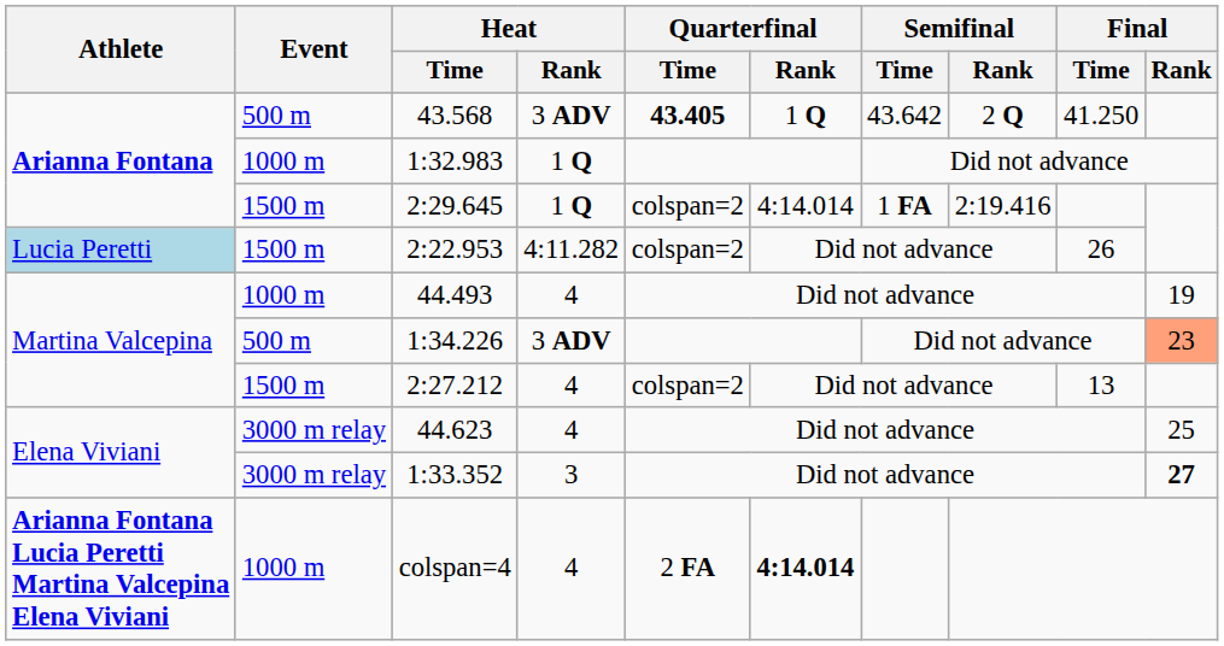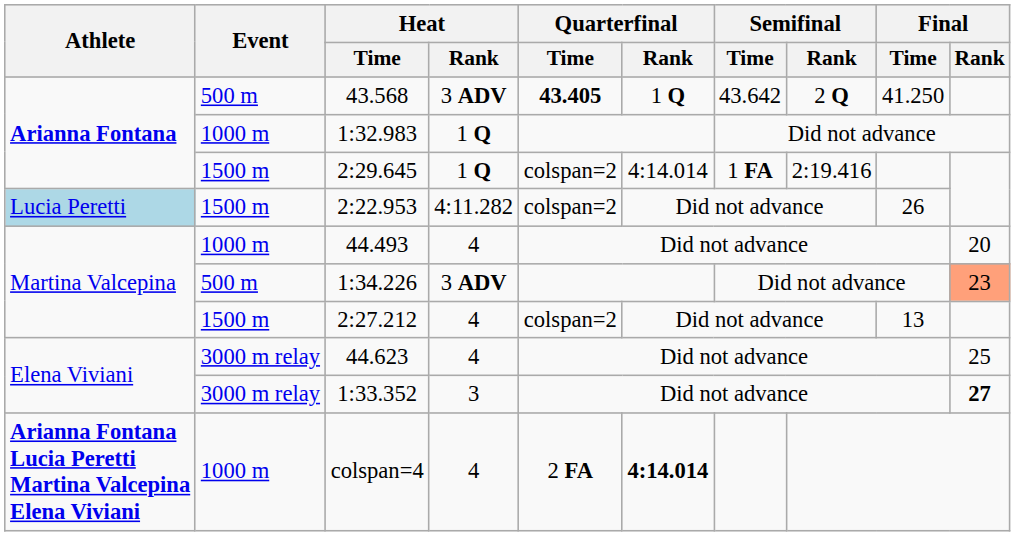 <table class="wikitable" style="font-size:90%">
 <tr>
 <th rowspan=2>Athlete</th>
 <th rowspan=2>Event</th>
 <th colspan=2>Heat</th>
 <th colspan=2>Quarterfinal</th>
 <th colspan=2>Semifinal</th>
 <th colspan=2>Final</th>
 </tr>
 <tr style="font-size:95%">
 <th>Time</th>
 <th>Rank</th>
 <th>Time</th>
 <th>Rank</th>
 <th>Time</th>
 <th>Rank</th>
 <th>Time</th>
 <th>Rank</th>
 </tr>
 <tr align=center>
 <td align=left rowspan=3><strong><a href='#'>Arianna Fontana</a></strong></td>
 <td align=left><a href='#'>500 m</a></td>
 <td>43.568</td>
 <td>3 <strong>ADV</strong></td>
 <td><strong>43.405</strong></td>
 <td>1 <strong>Q</strong></td>
 <td>43.642</td>
 <td>2 <strong>Q</strong></td>
 <td>41.250</td>
 <td></td>
 </tr>
 <tr align=center>
 <td align=left><a href='#'>1000 m</a></td>
 <td>1:32.983</td>
 <td>1 <strong>Q</strong></td>
 <td colspan=2></td>
 <td colspan=4>Did not advance</td>
 </tr>
 <tr align=center>
 <td align=left><a href='#'>1500 m</a></td>
 <td>2:29.645</td>
 <td>1 <strong>Q</strong></td>
 <td>colspan=2 </td>
 <td>4:14.014</td>
 <td>1 <strong>FA</strong></td>
 <td>2:19.416</td>
 <td></td>
 </tr>
 <tr align=center>
 <td align=left style="background: lightblue;"><a href='#'>Lucia Peretti</a></td>
 <td align=left><a href='#'>1500 m</a></td>
 <td>2:22.953</td>
 <td>4:11.282</td>
 <td>colspan=2 </td>
 <td colspan=3>Did not advance</td>
 <td>26</td>
 </tr>
 <tr align=center>
 <td align=left rowspan=3><a href='#'>Martina Valcepina</a></td>
 <td align=left><a href='#'>1000 m</a></td>
 <td>44.493</td>
 <td>4</td>
 <td colspan=5>Did not advance</td>
-<td>19</td>
+<td>20</td>
 </tr>
 <tr align=center>
 <td align=left><a href='#'>500 m</a></td>
 <td>1:34.226</td>
 <td>3 <strong>ADV</strong></td>
 <td colspan=2></td>
 <td colspan=3>Did not advance</td>
 <td style="background: lightsalmon;">23</td>
 </tr>
 <tr align=center>
 <td align=left><a href='#'>1500 m</a></td>
 <td>2:27.212</td>
 <td>4</td>
 <td>colspan=2 </td>
 <td colspan=3>Did not advance</td>
 <td>13</td>
 </tr>
 <tr align=center>
 <td align=left rowspan=2><a href='#'>Elena Viviani</a></td>
 <td align=left><a href='#'>3000 m relay</a></td>
 <td>44.623</td>
 <td>4</td>
 <td colspan=5>Did not advance</td>
 <td>25</td>
 </tr>
 <tr align=center>
 <td align=left><a href='#'>3000 m relay</a></td>
 <td>1:33.352</td>
 <td>3</td>
 <td colspan=5>Did not advance</td>
 <td><strong>27</strong></td>
 </tr>
 <tr align=center>
 <td align=left><strong><a href='#'>Arianna Fontana</a><br><a href='#'>Lucia Peretti</a><br><a href='#'>Martina Valcepina</a><br><a href='#'>Elena Viviani</a></strong></td>
 <td align=left><a href='#'>1000 m</a></td>
 <td>colspan=4 </td>
 <td>4</td>
 <td>2 <strong>FA</strong></td>
 <td><strong>4:14.014</strong></td>
 <td></td>
 </tr>
 </table>
